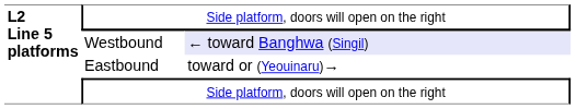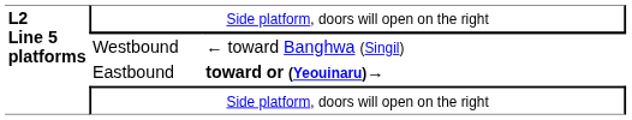 <table table border=0 cellspacing=0 cellpadding=3>
 <tr>
 <td style="border-top:solid 1px gray;border-bottom:solid 1px gray;" width=50 rowspan=10 valign=top><strong>L2<br>Line 5 platforms</strong></td>
 <td style="border-top:solid 1px gray;border-right:solid 2px black;border-left:solid 2px black;border-bottom:solid 2px black;text-align:center;" colspan=2><small><a href='#'>Side platform</a>, doors will open on the right</small></td>
 </tr>
 <tr>
 <td style="border-bottom:solid 0px gray;border-top:solid 1px gray;" width=100>Westbound</td>
-<td style="background: lavender; border-bottom:solid 0px gray;border-top:solid 1px gray;" width=390>←  toward <a href='#'>Banghwa</a> <small>(<a href='#'>Singil</a>)</small></td>
+<td style="border-bottom:solid 0px gray;border-top:solid 1px gray;" width=390>←  toward <a href='#'>Banghwa</a> <small>(<a href='#'>Singil</a>)</small></td>
 </tr>
 <tr>
 <td>Eastbound</td>
-<td>  toward  or  <small>(<a href='#'>Yeouinaru</a>)</small>→</td>
+<td><strong>  toward  or  <small>(<a href='#'>Yeouinaru</a>)</small>→</strong></td>
 </tr>
 <tr>
 <td style="border-top:solid 2px black;border-right:solid 2px black;border-left:solid 2px black;border-bottom:solid 1px gray;text-align:center;" colspan=2><small><a href='#'>Side platform</a>, doors will open on the right</small></td>
 </tr>
 </table>
